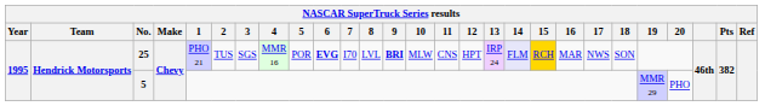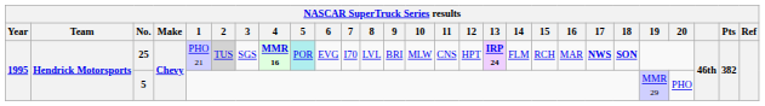 <table class="wikitable" style="text-align:center; font-size:75%">
 <tr>
 <th colspan=45><a href='#'>NASCAR SuperTruck Series</a> results</th>
 </tr>
 <tr>
 <th>Year</th>
 <th>Team</th>
 <th>No.</th>
 <th>Make</th>
 <th>1</th>
 <th>2</th>
 <th>3</th>
 <th>4</th>
 <th>5</th>
 <th>6</th>
 <th>7</th>
 <th>8</th>
 <th>9</th>
 <th>10</th>
 <th>11</th>
 <th>12</th>
 <th>13</th>
 <th>14</th>
 <th>15</th>
 <th>16</th>
 <th>17</th>
 <th>18</th>
 <th>19</th>
 <th>20</th>
 <th></th>
 <th>Pts</th>
 <th>Ref</th>
 </tr>
 <tr>
 <th rowspan=2><a href='#'>1995</a></th>
 <th rowspan=2><a href='#'>Hendrick Motorsports</a></th>
 <th>25</th>
 <th rowspan=2><a href='#'>Chevy</a></th>
 <td style="background:#CFCFFF;"><a href='#'>PHO</a><br><small>21</small></td>
-<td><a href='#'>TUS</a></td>
+<td style="background: lightgrey;"><a href='#'>TUS</a></td>
 <td><a href='#'>SGS</a></td>
-<td style="background:#DFFFDF;"><a href='#'>MMR</a><br><small>16</small></td>
-<td><a href='#'>POR</a></td>
-<td><strong><a href='#'>EVG</a></strong></td>
+<td style="background:#DFFFDF;"><strong><a href='#'>MMR</a><br><small>16</small></strong></td>
+<td style="background: paleturquoise;"><a href='#'>POR</a></td>
+<td><a href='#'>EVG</a></td>
 <td><a href='#'>I70</a></td>
 <td><a href='#'>LVL</a></td>
-<td><strong><a href='#'>BRI</a></strong></td>
+<td><a href='#'>BRI</a></td>
 <td><a href='#'>MLW</a></td>
 <td><a href='#'>CNS</a></td>
 <td><a href='#'>HPT</a></td>
-<td style="background:#EFCFFF;"><a href='#'>IRP</a><br><small>24</small></td>
-<td style="background: lavender;"><a href='#'>FLM</a></td>
-<td style="background: gold;"><a href='#'>RCH</a></td>
+<td style="background:#EFCFFF;"><strong><a href='#'>IRP</a><br><small>24</small></strong></td>
+<td><a href='#'>FLM</a></td>
+<td><a href='#'>RCH</a></td>
 <td><a href='#'>MAR</a></td>
-<td><a href='#'>NWS</a></td>
-<td><a href='#'>SON</a></td>
+<td><strong><a href='#'>NWS</a></strong></td>
+<td><strong><a href='#'>SON</a></strong></td>
 <td colspan=2></td>
 <th rowspan=2>46th</th>
 <th rowspan=2>382</th>
 <th rowspan=2></th>
 </tr>
 <tr>
 <th>5</th>
 <td colspan=18></td>
 <td style="background:#CFCFFF;"><a href='#'>MMR</a><br><small>29</small></td>
 <td><a href='#'>PHO</a></td>
 </tr>
 </table>
